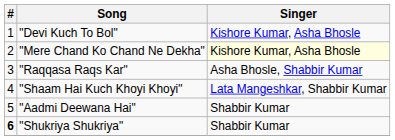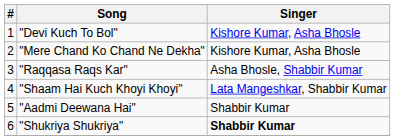 <table class="wikitable" style="font-size:95%;">
 <tr>
 <th>#</th>
 <th>Song</th>
 <th>Singer</th>
 </tr>
 <tr>
 <td>1</td>
 <td>"Devi Kuch To Bol"</td>
 <td><a href='#'>Kishore Kumar</a>, <a href='#'>Asha Bhosle</a></td>
 </tr>
 <tr>
 <td>2</td>
 <td>"Mere Chand Ko Chand Ne Dekha"</td>
-<td style="background: lightyellow;">Kishore Kumar, Asha Bhosle</td>
+<td>Kishore Kumar, Asha Bhosle</td>
 </tr>
 <tr>
 <td>3</td>
 <td>"Raqqasa Raqs Kar"</td>
 <td>Asha Bhosle, <a href='#'>Shabbir Kumar</a></td>
 </tr>
 <tr>
 <td>4</td>
 <td>"Shaam Hai Kuch Khoyi Khoyi"</td>
 <td><a href='#'>Lata Mangeshkar</a>, Shabbir Kumar</td>
 </tr>
 <tr>
 <td>5</td>
 <td>"Aadmi Deewana Hai"</td>
 <td>Shabbir Kumar</td>
 </tr>
 <tr>
-<td><strong>6</strong></td>
+<td>6</td>
 <td>"Shukriya Shukriya"</td>
-<td>Shabbir Kumar</td>
+<td><strong>Shabbir Kumar</strong></td>
 </tr>
 <tr>
 </tr>
 </table>
